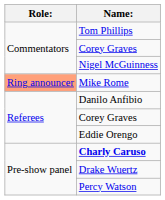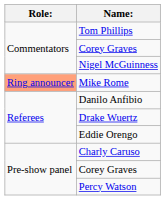 <table class=wikitable style="font-size:90%; margin: 0.5em 0 0.5em 1em; float: right; clear: right;">
 <tr>
 <th>Role:</th>
 <th>Name:</th>
 </tr>
 <tr>
 <td rowspan=3>Commentators</td>
 <td><a href='#'>Tom Phillips</a></td>
 </tr>
 <tr>
 <td><a href='#'>Corey Graves</a></td>
 </tr>
 <tr>
 <td><a href='#'>Nigel McGuinness</a></td>
 </tr>
 <tr>
 <td rowspan=1 style="background: lightsalmon;"><a href='#'>Ring announcer</a></td>
 <td><a href='#'>Mike Rome</a></td>
 </tr>
 <tr>
 <td rowspan=3><a href='#'>Referees</a></td>
 <td>Danilo Anfibio</td>
 </tr>
 <tr>
-<td>Corey Graves</td>
+<td><a href='#'>Drake Wuertz</a></td>
 </tr>
 <tr>
 <td>Eddie Orengo</td>
 </tr>
 <tr>
 <td rowspan=3>Pre-show panel</td>
-<td><strong><a href='#'>Charly Caruso</a></strong></td>
+<td><a href='#'>Charly Caruso</a></td>
 </tr>
 <tr>
-<td><a href='#'>Drake Wuertz</a></td>
+<td>Corey Graves</td>
 </tr>
 <tr>
 <td><a href='#'>Percy Watson</a></td>
 </tr>
 </table>
